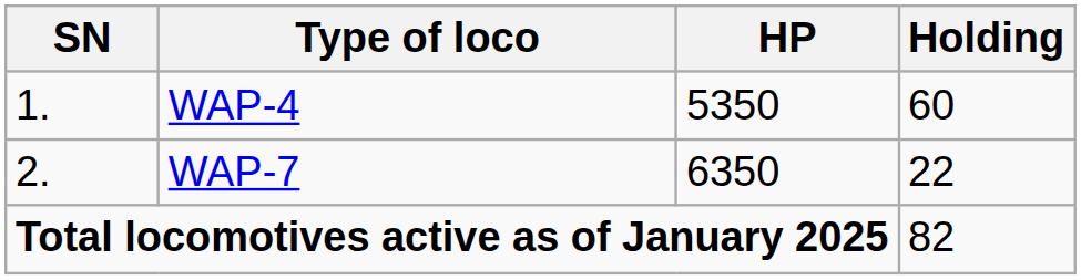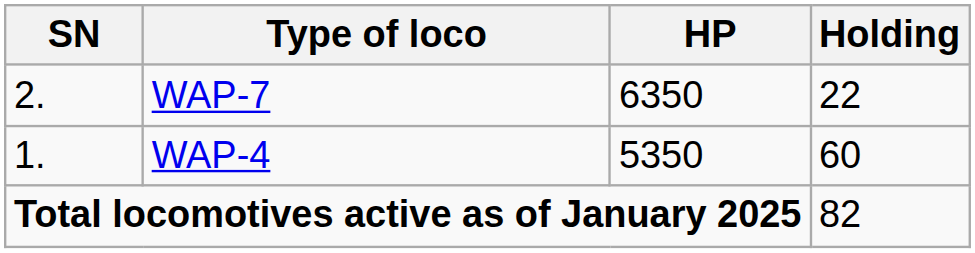 <table class="wikitable">
 <tr>
 <th>SN</th>
 <th>Type of loco</th>
 <th>HP</th>
 <th>Holding</th>
 </tr>
 <tr>
+<td>2.</td>
+<td><a href='#'>WAP-7</a></td>
+<td>6350</td>
+<td>22</td>
+</tr>
+<tr>
 <td>1.</td>
 <td><a href='#'>WAP-4</a></td>
 <td>5350</td>
 <td>60</td>
 </tr>
 <tr>
-<td>2.</td>
-<td><a href='#'>WAP-7</a></td>
-<td>6350</td>
-<td>22</td>
-</tr>
-<tr>
 <td colspan="3"><strong>Total locomotives active as of January 2025</strong></td>
 <td>82</td>
 </tr>
 </table>
